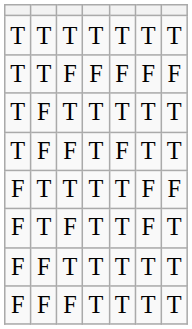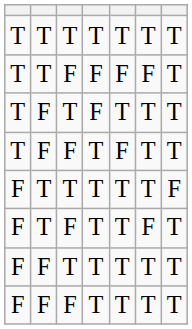 <table class="wikitable" style="text-align:center;">
 <tr>
 <th></th>
 <th></th>
 <th></th>
 <th></th>
 <th></th>
 <th></th>
 <th></th>
 </tr>
 <tr>
 <td>T</td>
 <td>T</td>
 <td>T</td>
 <td>T</td>
 <td>T</td>
 <td>T</td>
 <td>T</td>
 </tr>
 <tr>
 <td>T</td>
 <td>T</td>
 <td>F</td>
 <td>F</td>
 <td>F</td>
 <td>F</td>
-<td>F</td>
+<td>T</td>
 </tr>
 <tr>
 <td>T</td>
 <td>F</td>
 <td>T</td>
-<td>T</td>
+<td>F</td>
 <td>T</td>
 <td>T</td>
 <td>T</td>
 </tr>
 <tr>
 <td>T</td>
 <td>F</td>
 <td>F</td>
 <td>T</td>
 <td>F</td>
 <td>T</td>
 <td>T</td>
 </tr>
 <tr>
 <td>F</td>
 <td>T</td>
 <td>T</td>
 <td>T</td>
 <td>T</td>
-<td>F</td>
+<td>T</td>
 <td>F</td>
 </tr>
 <tr>
 <td>F</td>
 <td>T</td>
 <td>F</td>
 <td>T</td>
 <td>T</td>
 <td>F</td>
 <td>T</td>
 </tr>
 <tr>
 <td>F</td>
 <td>F</td>
 <td>T</td>
 <td>T</td>
 <td>T</td>
 <td>T</td>
 <td>T</td>
 </tr>
 <tr>
 <td>F</td>
 <td>F</td>
 <td>F</td>
 <td>T</td>
 <td>T</td>
 <td>T</td>
 <td>T</td>
 </tr>
 </table>
